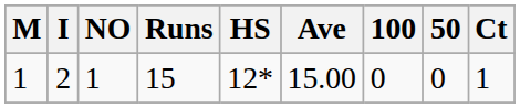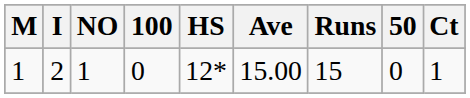 <table class="wikitable">
 <tr>
 <th>M</th>
 <th>I</th>
 <th>NO</th>
-<th>Runs</th>
+<th>100</th>
 <th>HS</th>
 <th>Ave</th>
-<th>100</th>
+<th>Runs</th>
 <th>50</th>
 <th>Ct</th>
 </tr>
 <tr>
 <td>1</td>
 <td>2</td>
 <td>1</td>
-<td>15</td>
+<td>0</td>
 <td>12*</td>
 <td>15.00</td>
-<td>0</td>
+<td>15</td>
 <td>0</td>
 <td>1</td>
 </tr>
 </table>
